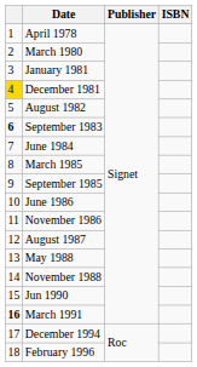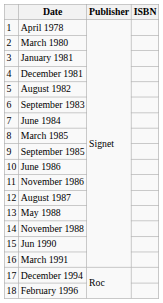 <table class="wikitable">
 <tr>
 <th></th>
 <th>Date</th>
 <th>Publisher</th>
 <th>ISBN</th>
 </tr>
 <tr>
 <td>1</td>
 <td>April 1978</td>
 <td rowspan="16">Signet</td>
 <td></td>
 </tr>
 <tr>
 <td>2</td>
 <td>March 1980</td>
 <td></td>
 </tr>
 <tr>
 <td>3</td>
 <td>January 1981</td>
 <td></td>
 </tr>
 <tr>
-<td style="background: gold;">4</td>
+<td>4</td>
 <td>December 1981</td>
 <td></td>
 </tr>
 <tr>
 <td>5</td>
 <td>August 1982</td>
 <td></td>
 </tr>
 <tr>
-<td><strong>6</strong></td>
+<td>6</td>
 <td>September 1983</td>
 <td></td>
 </tr>
 <tr>
 <td>7</td>
 <td>June 1984</td>
 <td></td>
 </tr>
 <tr>
 <td>8</td>
 <td>March 1985</td>
 <td></td>
 </tr>
 <tr>
 <td>9</td>
 <td>September 1985</td>
 <td></td>
 </tr>
 <tr>
 <td>10</td>
 <td>June 1986</td>
 <td></td>
 </tr>
 <tr>
 <td>11</td>
 <td>November 1986</td>
 <td></td>
 </tr>
 <tr>
 <td>12</td>
 <td>August 1987</td>
 <td></td>
 </tr>
 <tr>
 <td>13</td>
 <td>May 1988</td>
 <td></td>
 </tr>
 <tr>
 <td>14</td>
 <td>November 1988</td>
 <td></td>
 </tr>
 <tr>
 <td>15</td>
 <td>Jun 1990</td>
 <td></td>
 </tr>
 <tr>
-<td><strong>16</strong></td>
+<td>16</td>
 <td>March 1991</td>
 <td></td>
 </tr>
 <tr>
 <td>17</td>
 <td>December 1994</td>
 <td rowspan="2">Roc</td>
 <td></td>
 </tr>
 <tr>
 <td>18</td>
 <td>February 1996</td>
 <td></td>
 </tr>
 </table>
